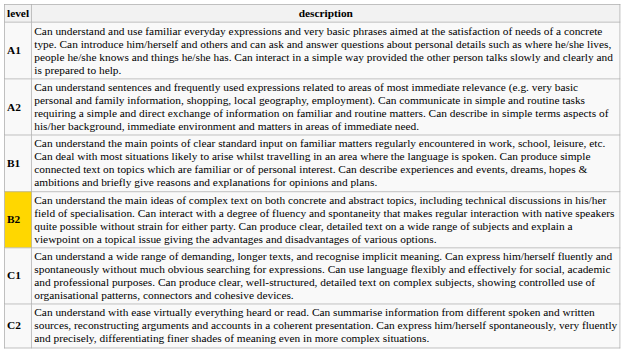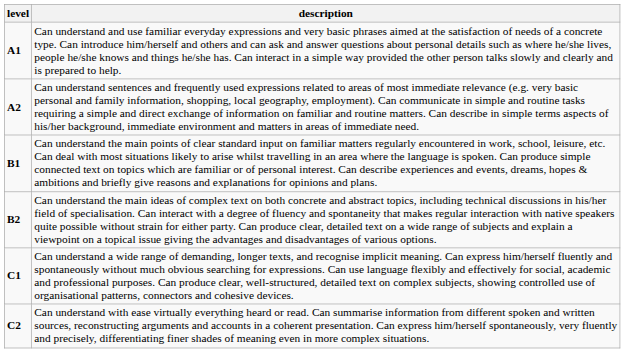 <table class="wikitable">
 <tr>
 <th>level</th>
 <th>description</th>
 </tr>
 <tr>
 <td><strong>A1</strong></td>
 <td>Can understand and use familiar everyday expressions and very basic phrases aimed at the satisfaction of needs of a concrete type. Can introduce him/herself and others and can ask and answer questions about personal details such as where he/she lives, people he/she knows and things he/she has. Can interact in a simple way provided the other person talks slowly and clearly and is prepared to help.</td>
 </tr>
 <tr>
 <td><strong>A2</strong></td>
 <td>Can understand sentences and frequently used expressions related to areas of most immediate relevance (e.g. very basic personal and family information, shopping, local geography, employment). Can communicate in simple and routine tasks requiring a simple and direct exchange of information on familiar and routine matters. Can describe in simple terms aspects of his/her background, immediate environment and matters in areas of immediate need.</td>
 </tr>
 <tr>
 <td><strong>B1</strong></td>
 <td>Can understand the main points of clear standard input on familiar matters regularly encountered in work, school, leisure, etc. Can deal with most situations likely to arise whilst travelling in an area where the language is spoken. Can produce simple connected text on topics which are familiar or of personal interest. Can describe experiences and events, dreams, hopes & ambitions and briefly give reasons and explanations for opinions and plans.</td>
 </tr>
 <tr>
-<td style="background: gold;"><strong>B2</strong></td>
+<td><strong>B2</strong></td>
 <td>Can understand the main ideas of complex text on both concrete and abstract topics, including technical discussions in his/her field of specialisation. Can interact with a degree of fluency and spontaneity that makes regular interaction with native speakers quite possible without strain for either party. Can produce clear, detailed text on a wide range of subjects and explain a viewpoint on a topical issue giving the advantages and disadvantages of various options.</td>
 </tr>
 <tr>
 <td><strong>C1</strong></td>
 <td>Can understand a wide range of demanding, longer texts, and recognise implicit meaning. Can express him/herself fluently and spontaneously without much obvious searching for expressions. Can use language flexibly and effectively for social, academic and professional purposes. Can produce clear, well-structured, detailed text on complex subjects, showing controlled use of organisational patterns, connectors and cohesive devices.</td>
 </tr>
 <tr>
 <td><strong>C2</strong></td>
 <td>Can understand with ease virtually everything heard or read. Can summarise information from different spoken and written sources, reconstructing arguments and accounts in a coherent presentation. Can express him/herself spontaneously, very fluently and precisely, differentiating finer shades of meaning even in more complex situations.</td>
 </tr>
 </table>
